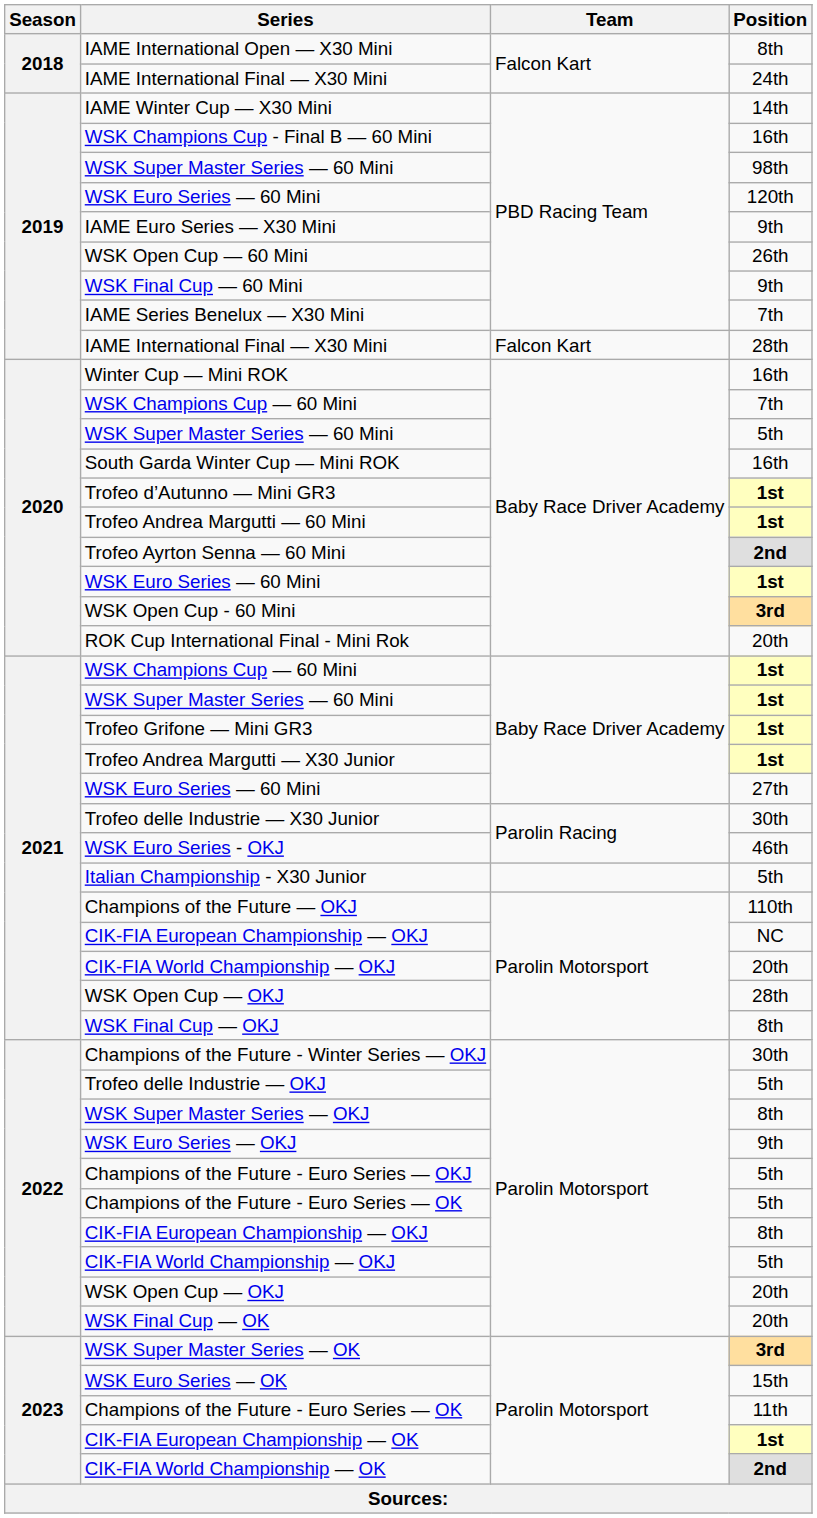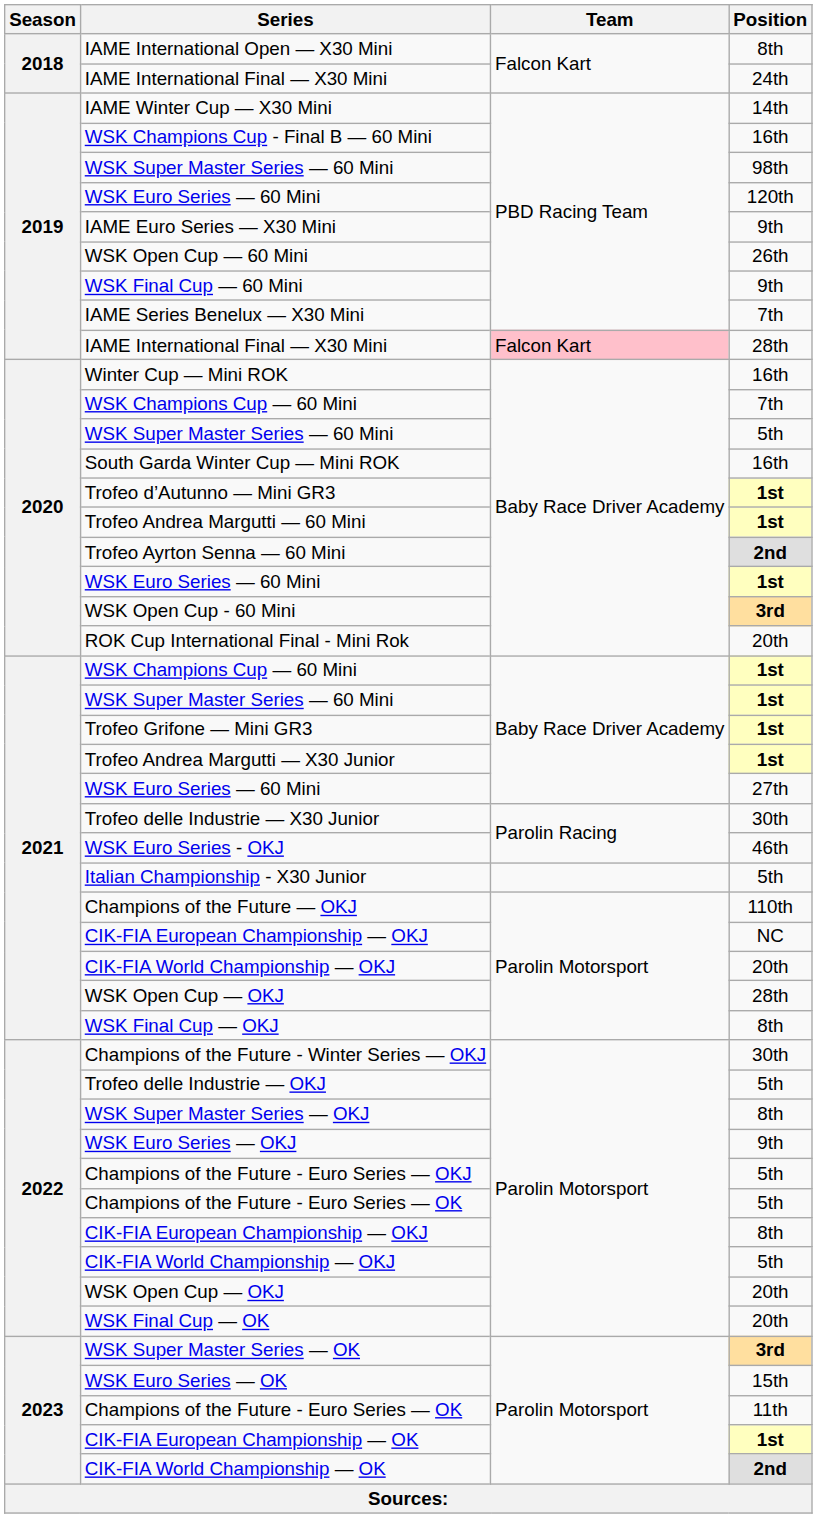 <table class="wikitable" style="font-size: 85%; text-align:center">
 <tr>
 <th>Season</th>
 <th>Series</th>
 <th>Team</th>
 <th>Position</th>
 </tr>
 <tr>
 <th rowspan="2">2018</th>
 <td align="left">IAME International Open — X30 Mini</td>
 <td rowspan="2" align="left">Falcon Kart</td>
 <td>8th</td>
 </tr>
 <tr>
 <td align="left">IAME International Final — X30 Mini</td>
 <td>24th</td>
 </tr>
 <tr>
 <th rowspan="9">2019</th>
 <td align="left">IAME Winter Cup — X30 Mini</td>
 <td rowspan="8"  align="left">PBD Racing Team</td>
 <td>14th</td>
 </tr>
 <tr>
 <td align="left"><a href='#'>WSK Champions Cup</a> - Final B — 60 Mini</td>
 <td>16th</td>
 </tr>
 <tr>
 <td align="left"><a href='#'>WSK Super Master Series</a> — 60 Mini</td>
 <td>98th</td>
 </tr>
 <tr>
 <td align="left"><a href='#'>WSK Euro Series</a> — 60 Mini</td>
 <td>120th</td>
 </tr>
 <tr>
 <td align="left">IAME Euro Series — X30 Mini</td>
 <td>9th</td>
 </tr>
 <tr>
 <td align="left">WSK Open Cup — 60 Mini</td>
 <td>26th</td>
 </tr>
 <tr>
 <td align="left"><a href='#'>WSK Final Cup</a> — 60 Mini</td>
 <td>9th</td>
 </tr>
 <tr>
 <td align="left">IAME Series Benelux — X30 Mini</td>
 <td>7th</td>
 </tr>
 <tr>
 <td align="left">IAME International Final — X30 Mini</td>
-<td align="left">Falcon Kart</td>
+<td align="left" style="background: pink;">Falcon Kart</td>
 <td>28th</td>
 </tr>
 <tr>
 <th rowspan="10">2020</th>
 <td align="left">Winter Cup — Mini ROK</td>
 <td rowspan="10" align="left">Baby Race Driver Academy</td>
 <td>16th</td>
 </tr>
 <tr>
 <td align="left"><a href='#'>WSK Champions Cup</a> — 60 Mini</td>
 <td>7th</td>
 </tr>
 <tr>
 <td align="left"><a href='#'>WSK Super Master Series</a> — 60 Mini</td>
 <td>5th</td>
 </tr>
 <tr>
 <td align="left">South Garda Winter Cup — Mini ROK</td>
 <td>16th</td>
 </tr>
 <tr>
 <td align="left">Trofeo d’Autunno — Mini GR3</td>
 <td style="background:#FFFFBF;"><strong>1st</strong></td>
 </tr>
 <tr>
 <td align="left">Trofeo Andrea Margutti — 60 Mini</td>
 <td style="background:#FFFFBF;"><strong>1st</strong></td>
 </tr>
 <tr>
 <td align="left">Trofeo Ayrton Senna — 60 Mini</td>
 <td style="background:#DFDFDF;"><strong>2nd</strong></td>
 </tr>
 <tr>
 <td align="left"><a href='#'>WSK Euro Series</a> — 60 Mini</td>
 <td style="background:#FFFFBF;"><strong>1st</strong></td>
 </tr>
 <tr>
 <td align="left">WSK Open Cup - 60 Mini</td>
 <td style="background:#FFDF9F;"><strong>3rd</strong></td>
 </tr>
 <tr>
 <td align="left">ROK Cup International Final - Mini Rok</td>
 <td>20th</td>
 </tr>
 <tr>
 <th rowspan="13">2021</th>
 <td align="left"><a href='#'>WSK Champions Cup</a> — 60 Mini</td>
 <td rowspan="5" align="left">Baby Race Driver Academy</td>
 <td style="background:#FFFFBF;"><strong>1st</strong></td>
 </tr>
 <tr>
 <td align="left"><a href='#'>WSK Super Master Series</a> — 60 Mini</td>
 <td style="background:#FFFFBF;"><strong>1st</strong></td>
 </tr>
 <tr>
 <td align="left">Trofeo Grifone — Mini GR3</td>
 <td style="background:#FFFFBF;"><strong>1st</strong></td>
 </tr>
 <tr>
 <td align="left">Trofeo Andrea Margutti — X30 Junior</td>
 <td style="background:#FFFFBF;"><strong>1st</strong></td>
 </tr>
 <tr>
 <td align="left"><a href='#'>WSK Euro Series</a> — 60 Mini</td>
 <td>27th</td>
 </tr>
 <tr>
 <td align="left">Trofeo delle Industrie — X30 Junior</td>
 <td rowspan="2" align="left">Parolin Racing</td>
 <td>30th</td>
 </tr>
 <tr>
 <td align="left"><a href='#'>WSK Euro Series</a> - <a href='#'>OKJ</a></td>
 <td>46th</td>
 </tr>
 <tr>
 <td align="left"><a href='#'>Italian Championship</a> - X30 Junior</td>
 <td></td>
 <td>5th</td>
 </tr>
 <tr>
 <td align="left">Champions of the Future  — <a href='#'>OKJ</a></td>
 <td rowspan="5" align="left">Parolin Motorsport</td>
 <td>110th</td>
 </tr>
 <tr>
 <td align="left"><a href='#'>CIK-FIA European Championship</a> — <a href='#'>OKJ</a></td>
 <td>NC</td>
 </tr>
 <tr>
 <td align="left"><a href='#'>CIK-FIA World Championship</a> — <a href='#'>OKJ</a></td>
 <td>20th</td>
 </tr>
 <tr>
 <td align="left">WSK Open Cup — <a href='#'>OKJ</a></td>
 <td>28th</td>
 </tr>
 <tr>
 <td align="left"><a href='#'>WSK Final Cup</a> — <a href='#'>OKJ</a></td>
 <td>8th</td>
 </tr>
 <tr>
 <th rowspan="10">2022</th>
 <td align="left">Champions of the Future - Winter Series — <a href='#'>OKJ</a></td>
 <td rowspan="10" align="left">Parolin Motorsport</td>
 <td>30th</td>
 </tr>
 <tr>
 <td align="left">Trofeo delle Industrie — <a href='#'>OKJ</a></td>
 <td>5th</td>
 </tr>
 <tr>
 <td align="left"><a href='#'>WSK Super Master Series</a> — <a href='#'>OKJ</a></td>
 <td>8th</td>
 </tr>
 <tr>
 <td align="left"><a href='#'>WSK Euro Series</a> — <a href='#'>OKJ</a></td>
 <td>9th</td>
 </tr>
 <tr>
 <td align="left">Champions of the Future - Euro Series — <a href='#'>OKJ</a></td>
 <td>5th</td>
 </tr>
 <tr>
 <td align="left">Champions of the Future - Euro Series — <a href='#'>OK</a></td>
 <td>5th</td>
 </tr>
 <tr>
 <td align="left"><a href='#'>CIK-FIA European Championship</a> — <a href='#'>OKJ</a></td>
 <td>8th</td>
 </tr>
 <tr>
 <td align="left"><a href='#'>CIK-FIA World Championship</a> — <a href='#'>OKJ</a></td>
 <td>5th</td>
 </tr>
 <tr>
 <td align="left">WSK Open Cup — <a href='#'>OKJ</a></td>
 <td>20th</td>
 </tr>
 <tr>
 <td align="left"><a href='#'>WSK Final Cup</a> — <a href='#'>OK</a></td>
 <td>20th</td>
 </tr>
 <tr>
 <th rowspan="5">2023</th>
 <td align="left"><a href='#'>WSK Super Master Series</a> — <a href='#'>OK</a></td>
 <td rowspan="5" align="left">Parolin Motorsport</td>
 <td style="background:#FFDF9F;"><strong>3rd</strong></td>
 </tr>
 <tr>
 <td align="left"><a href='#'>WSK Euro Series</a> — <a href='#'>OK</a></td>
 <td>15th</td>
 </tr>
 <tr>
 <td align="left">Champions of the Future - Euro Series — <a href='#'>OK</a></td>
 <td>11th</td>
 </tr>
 <tr>
 <td align="left"><a href='#'>CIK-FIA European Championship</a> — <a href='#'>OK</a></td>
 <td style="background:#FFFFBF;"><strong>1st</strong></td>
 </tr>
 <tr>
 <td align="left"><a href='#'>CIK-FIA World Championship</a> — <a href='#'>OK</a></td>
 <td style="background:#DFDFDF;"><strong>2nd</strong></td>
 </tr>
 <tr>
 <th colspan="4">Sources:</th>
 </tr>
 </table>
